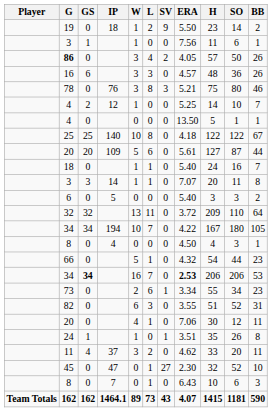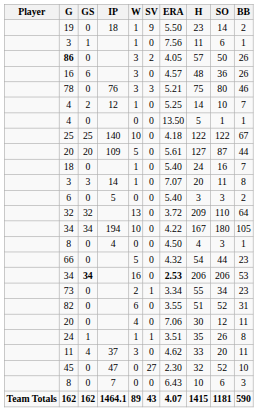 <table class="wikitable sortable">
 <tr>
 <th>Player</th>
 <th>G</th>
 <th>GS</th>
 <th>IP</th>
 <th>W</th>
-<th>L</th>
 <th>SV</th>
 <th>ERA</th>
 <th>H</th>
 <th>SO</th>
 <th>BB</th>
 </tr>
 <tr style="text-align:center;">
 <td></td>
 <td>19</td>
 <td>0</td>
 <td>18</td>
 <td>1</td>
-<td>2</td>
 <td>9</td>
 <td>5.50</td>
 <td>23</td>
 <td>14</td>
 <td>2</td>
 </tr>
 <tr style="text-align:center;">
 <td></td>
 <td>3</td>
 <td>1</td>
 <td></td>
 <td>1</td>
 <td>0</td>
-<td>0</td>
 <td>7.56</td>
 <td>11</td>
 <td>6</td>
 <td>1</td>
 </tr>
 <tr style="text-align:center;">
 <td></td>
 <td><strong>86</strong></td>
 <td>0</td>
 <td></td>
 <td>3</td>
-<td>4</td>
 <td>2</td>
 <td>4.05</td>
 <td>57</td>
 <td>50</td>
 <td>26</td>
 </tr>
 <tr style="text-align:center;">
 <td></td>
 <td>16</td>
 <td>6</td>
 <td></td>
-<td>3</td>
 <td>3</td>
 <td>0</td>
 <td>4.57</td>
 <td>48</td>
 <td>36</td>
 <td>26</td>
 </tr>
 <tr style="text-align:center;">
 <td></td>
 <td>78</td>
 <td>0</td>
 <td>76</td>
 <td>3</td>
-<td>8</td>
 <td>3</td>
 <td>5.21</td>
 <td>75</td>
 <td>80</td>
 <td>46</td>
 </tr>
 <tr style="text-align:center;">
 <td></td>
 <td>4</td>
 <td>2</td>
 <td>12</td>
 <td>1</td>
 <td>0</td>
-<td>0</td>
 <td>5.25</td>
 <td>14</td>
 <td>10</td>
 <td>7</td>
 </tr>
 <tr style="text-align:center;">
 <td></td>
 <td>4</td>
 <td>0</td>
 <td></td>
-<td>0</td>
 <td>0</td>
 <td>0</td>
 <td>13.50</td>
 <td>5</td>
 <td>1</td>
 <td>1</td>
 </tr>
 <tr style="text-align:center;">
 <td></td>
 <td>25</td>
 <td>25</td>
 <td>140</td>
 <td>10</td>
-<td>8</td>
 <td>0</td>
 <td>4.18</td>
 <td>122</td>
 <td>122</td>
 <td>67</td>
 </tr>
 <tr style="text-align:center;">
 <td></td>
 <td>20</td>
 <td>20</td>
 <td>109</td>
 <td>5</td>
-<td>6</td>
 <td>0</td>
 <td>5.61</td>
 <td>127</td>
 <td>87</td>
 <td>44</td>
 </tr>
 <tr style="text-align:center;">
 <td></td>
 <td>18</td>
 <td>0</td>
 <td></td>
 <td>1</td>
-<td>1</td>
 <td>0</td>
 <td>5.40</td>
 <td>24</td>
 <td>16</td>
 <td>7</td>
 </tr>
 <tr style="text-align:center;">
 <td></td>
 <td>3</td>
 <td>3</td>
 <td>14</td>
-<td>1</td>
 <td>1</td>
 <td>0</td>
 <td>7.07</td>
 <td>20</td>
 <td>11</td>
 <td>8</td>
 </tr>
 <tr style="text-align:center;">
 <td></td>
 <td>6</td>
 <td>0</td>
 <td>5</td>
 <td>0</td>
 <td>0</td>
-<td>0</td>
 <td>5.40</td>
 <td>3</td>
 <td>3</td>
 <td>2</td>
 </tr>
 <tr style="text-align:center;">
 <td></td>
 <td>32</td>
 <td>32</td>
 <td></td>
 <td>13</td>
-<td>11</td>
 <td>0</td>
 <td>3.72</td>
 <td>209</td>
 <td>110</td>
 <td>64</td>
 </tr>
 <tr style="text-align:center;">
 <td></td>
 <td>34</td>
 <td>34</td>
 <td>194</td>
 <td>10</td>
-<td>7</td>
 <td>0</td>
 <td>4.22</td>
 <td>167</td>
 <td>180</td>
 <td>105</td>
 </tr>
 <tr style="text-align:center;">
 <td></td>
 <td>8</td>
 <td>0</td>
 <td>4</td>
 <td>0</td>
 <td>0</td>
-<td>0</td>
 <td>4.50</td>
 <td>4</td>
 <td>3</td>
 <td>1</td>
 </tr>
 <tr style="text-align:center;">
 <td></td>
 <td>66</td>
 <td>0</td>
 <td></td>
 <td>5</td>
-<td>1</td>
 <td>0</td>
 <td>4.32</td>
 <td>54</td>
 <td>44</td>
 <td>23</td>
 </tr>
 <tr style="text-align:center;">
 <td></td>
 <td>34</td>
 <td><strong>34</strong></td>
 <td></td>
 <td>16</td>
-<td>7</td>
 <td>0</td>
 <td><strong>2.53</strong></td>
 <td>206</td>
 <td>206</td>
 <td>53</td>
 </tr>
 <tr style="text-align:center;">
 <td></td>
 <td>73</td>
 <td>0</td>
 <td></td>
 <td>2</td>
-<td>6</td>
 <td>1</td>
 <td>3.34</td>
 <td>55</td>
 <td>34</td>
 <td>23</td>
 </tr>
 <tr style="text-align:center;">
 <td></td>
 <td>82</td>
 <td>0</td>
 <td></td>
 <td>6</td>
-<td>3</td>
 <td>0</td>
 <td>3.55</td>
 <td>51</td>
 <td>52</td>
 <td>31</td>
 </tr>
 <tr style="text-align:center;">
 <td></td>
 <td>20</td>
 <td>0</td>
 <td></td>
 <td>4</td>
-<td>1</td>
 <td>0</td>
 <td>7.06</td>
 <td>30</td>
 <td>12</td>
 <td>11</td>
 </tr>
 <tr style="text-align:center;">
 <td></td>
 <td>24</td>
 <td>1</td>
 <td></td>
 <td>1</td>
-<td>0</td>
 <td>1</td>
 <td>3.51</td>
 <td>35</td>
 <td>26</td>
 <td>8</td>
 </tr>
 <tr style="text-align:center;">
 <td></td>
 <td>11</td>
 <td>4</td>
 <td>37</td>
 <td>3</td>
-<td>2</td>
 <td>0</td>
 <td>4.62</td>
 <td>33</td>
 <td>20</td>
 <td>11</td>
 </tr>
 <tr style="text-align:center;">
 <td></td>
 <td>45</td>
 <td>0</td>
 <td>47</td>
 <td>0</td>
-<td>1</td>
 <td>27</td>
 <td>2.30</td>
 <td>32</td>
 <td>52</td>
 <td>10</td>
 </tr>
 <tr style="text-align:center;">
 <td></td>
 <td>8</td>
 <td>0</td>
 <td>7</td>
 <td>0</td>
-<td>1</td>
 <td>0</td>
 <td>6.43</td>
 <td>10</td>
 <td>6</td>
 <td>3</td>
 </tr>
 <tr style="text-align:center;">
 <td><strong>Team Totals</strong></td>
 <td><strong>162</strong></td>
 <td><strong>162</strong></td>
 <td><strong>1464.1</strong></td>
 <td><strong>89</strong></td>
-<td><strong>73</strong></td>
 <td><strong>43</strong></td>
 <td><strong>4.07</strong></td>
 <td><strong>1415</strong></td>
 <td><strong>1181</strong></td>
 <td><strong>590</strong></td>
 </tr>
 </table>
